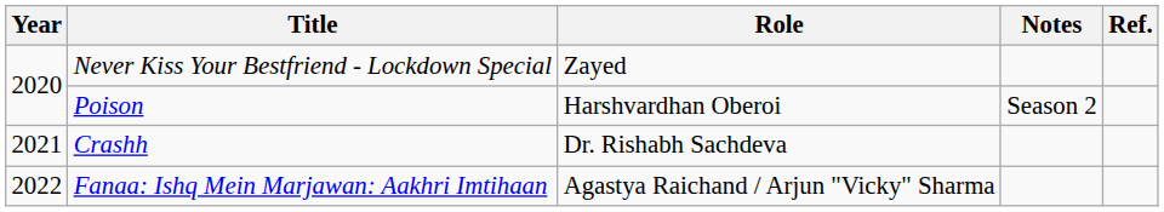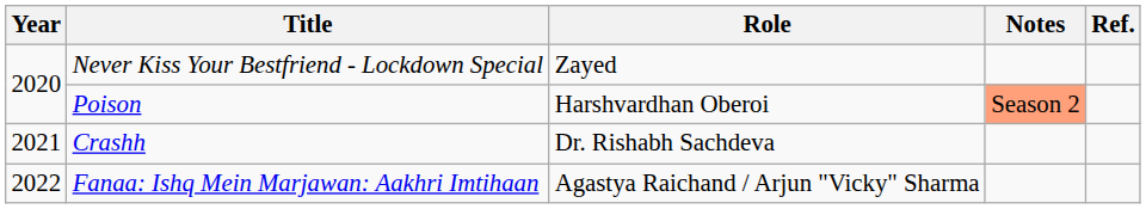 <table class="wikitable">
 <tr>
 <th>Year</th>
 <th>Title</th>
 <th>Role</th>
 <th>Notes</th>
 <th>Ref.</th>
 </tr>
 <tr>
 <td rowspan=2>2020</td>
 <td><em>Never Kiss Your Bestfriend - Lockdown Special</em></td>
 <td>Zayed</td>
 <td></td>
 <td></td>
 </tr>
 <tr>
 <td><em><a href='#'>Poison</a></em></td>
 <td>Harshvardhan Oberoi</td>
-<td>Season 2</td>
+<td style="background: lightsalmon;">Season 2</td>
 <td></td>
 </tr>
 <tr>
 <td>2021</td>
 <td><em><a href='#'>Crashh</a></em></td>
 <td>Dr. Rishabh Sachdeva</td>
 <td></td>
 <td></td>
 </tr>
 <tr>
 <td>2022</td>
 <td><em><a href='#'>Fanaa: Ishq Mein Marjawan: Aakhri Imtihaan</a></em></td>
 <td>Agastya Raichand / Arjun "Vicky" Sharma</td>
 <td></td>
 <td></td>
 </tr>
 </table>
